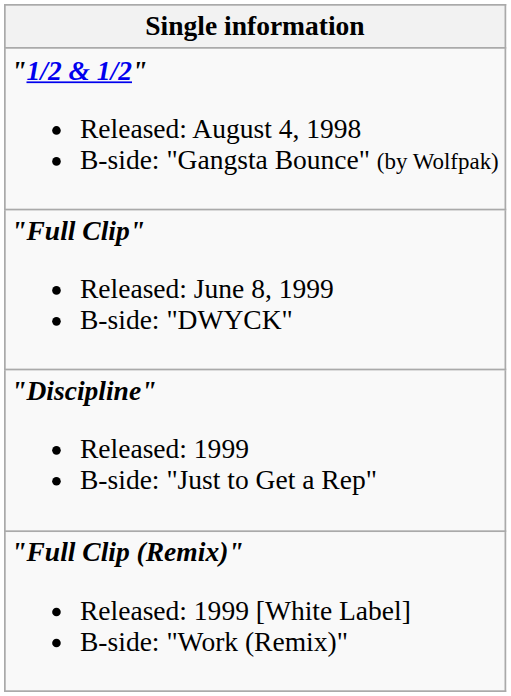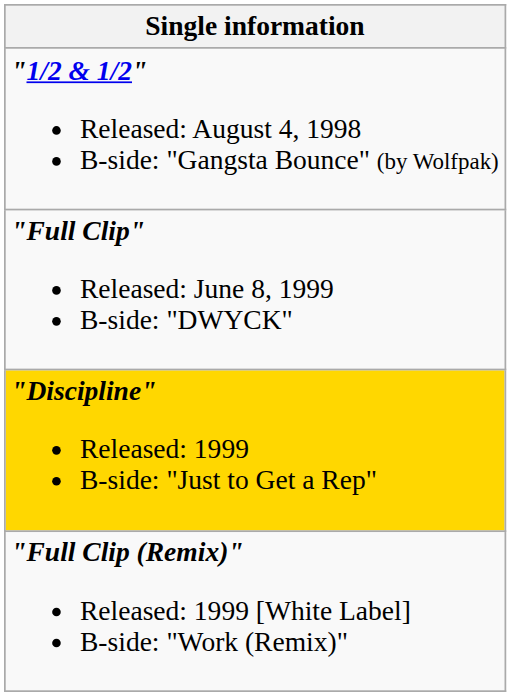 <table class="wikitable">
 <tr>
 <th>Single information</th>
 </tr>
 <tr>
 <td><strong><em>"<a href='#'>1/2 & 1/2</a>"</em></strong><br><ul><li>Released: August 4, 1998</li><li>B-side: "Gangsta Bounce" <small>(by Wolfpak)</small></li></ul></td>
 </tr>
 <tr>
 <td><strong><em>"Full Clip"</em></strong><br><ul><li>Released: June 8, 1999</li><li>B-side: "DWYCK"</li></ul></td>
 </tr>
 <tr>
-<td><strong><em>"Discipline"</em></strong><br><ul><li>Released: 1999</li><li>B-side: "Just to Get a Rep"</li></ul></td>
+<td style="background: gold;"><strong><em>"Discipline"</em></strong><br><ul><li>Released: 1999</li><li>B-side: "Just to Get a Rep"</li></ul></td>
 </tr>
 <tr>
 <td><strong><em>"Full Clip (Remix)"</em></strong><br><ul><li>Released: 1999 [White Label]</li><li>B-side: "Work (Remix)"</li></ul></td>
 </tr>
 </table>
